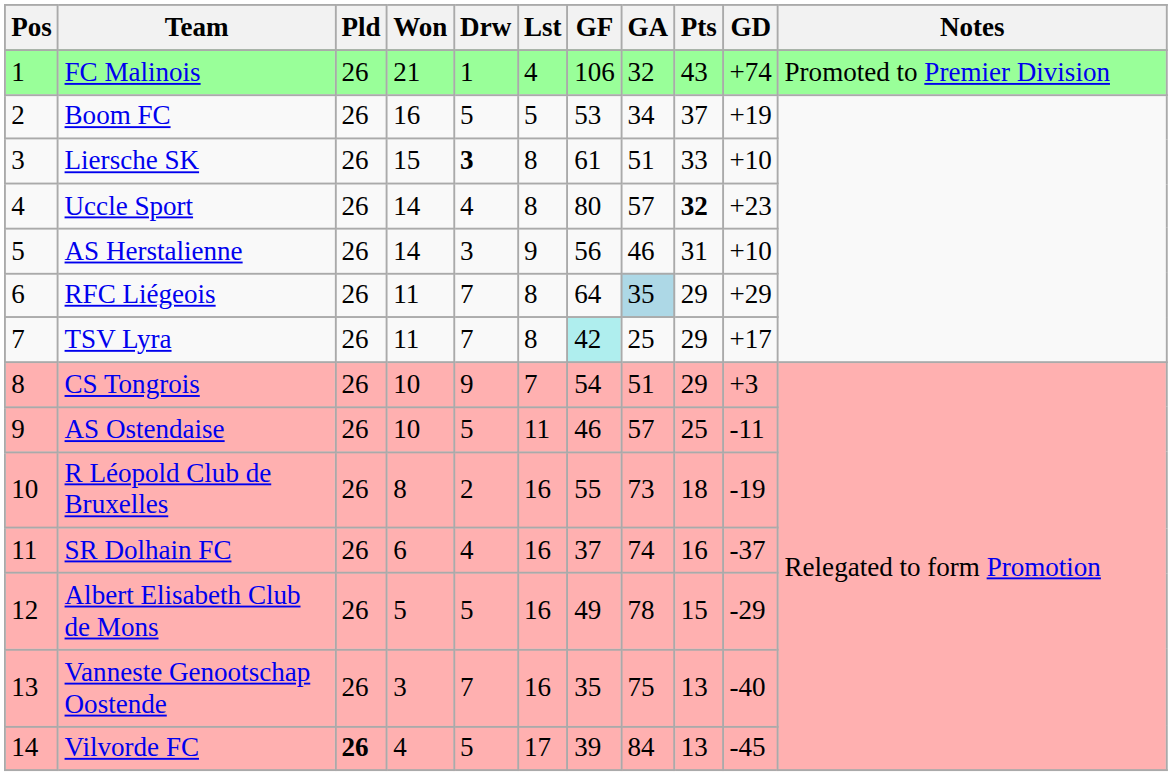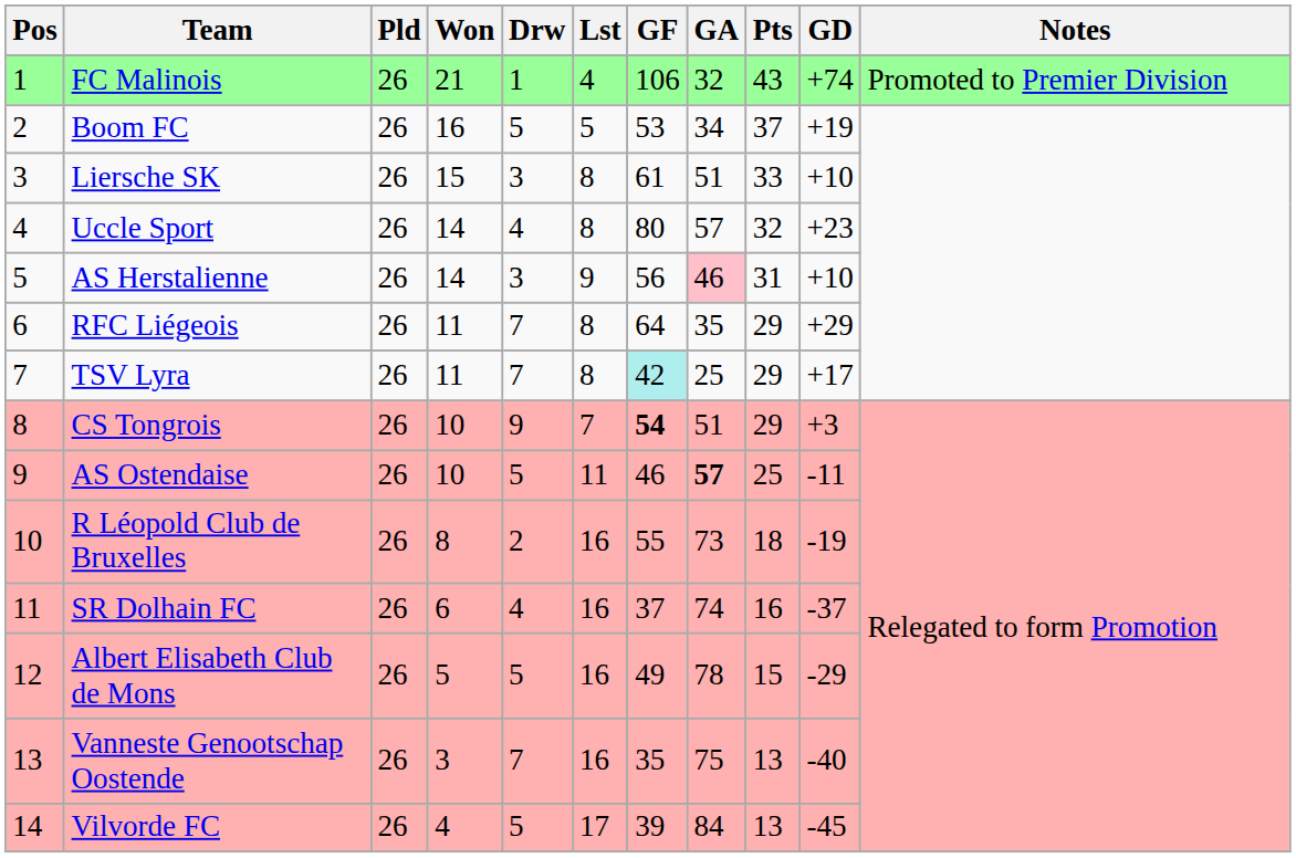 <table class="wikitable" width=70% style="font-size:90%">
 <tr>
 <th width=4%><strong>Pos</strong></th>
 <th width=26%><strong>Team</strong></th>
 <th width=4%><strong>Pld</strong></th>
 <th width=4%><strong>Won</strong></th>
 <th width=4%><strong>Drw</strong></th>
 <th width=4%><strong>Lst</strong></th>
 <th width=4%><strong>GF</strong></th>
 <th width=4%><strong>GA</strong></th>
 <th width=4%><strong>Pts</strong></th>
 <th width=4%><strong>GD</strong></th>
 <th width=38%><strong>Notes</strong></th>
 </tr>
 <tr bgcolor=#99ff99>
 <td>1</td>
 <td><a href='#'>FC Malinois</a></td>
 <td>26</td>
 <td>21</td>
 <td>1</td>
 <td>4</td>
 <td>106</td>
 <td>32</td>
 <td>43</td>
 <td>+74</td>
 <td>Promoted to <a href='#'>Premier Division</a></td>
 </tr>
 <tr>
 <td>2</td>
 <td><a href='#'>Boom FC</a></td>
 <td>26</td>
 <td>16</td>
 <td>5</td>
 <td>5</td>
 <td>53</td>
 <td>34</td>
 <td>37</td>
 <td>+19</td>
 </tr>
 <tr>
 <td>3</td>
 <td><a href='#'>Liersche SK</a></td>
 <td>26</td>
 <td>15</td>
-<td><strong>3</strong></td>
+<td>3</td>
 <td>8</td>
 <td>61</td>
 <td>51</td>
 <td>33</td>
 <td>+10</td>
 </tr>
 <tr>
 <td>4</td>
 <td><a href='#'>Uccle Sport</a></td>
 <td>26</td>
 <td>14</td>
 <td>4</td>
 <td>8</td>
 <td>80</td>
 <td>57</td>
-<td><strong>32</strong></td>
+<td>32</td>
 <td>+23</td>
 </tr>
 <tr>
 <td>5</td>
 <td><a href='#'>AS Herstalienne</a></td>
 <td>26</td>
 <td>14</td>
 <td>3</td>
 <td>9</td>
 <td>56</td>
-<td>46</td>
+<td style="background: pink;">46</td>
 <td>31</td>
 <td>+10</td>
 </tr>
 <tr>
 <td>6</td>
 <td><a href='#'>RFC Liégeois</a></td>
 <td>26</td>
 <td>11</td>
 <td>7</td>
 <td>8</td>
 <td>64</td>
-<td style="background: lightblue;">35</td>
+<td>35</td>
 <td>29</td>
 <td>+29</td>
 </tr>
 <tr>
 <td>7</td>
 <td><a href='#'>TSV Lyra</a></td>
 <td>26</td>
 <td>11</td>
 <td>7</td>
 <td>8</td>
 <td style="background: paleturquoise;">42</td>
 <td>25</td>
 <td>29</td>
 <td>+17</td>
 </tr>
 <tr bgcolor=#ffb0b0>
 <td>8</td>
 <td><a href='#'>CS Tongrois</a></td>
 <td>26</td>
 <td>10</td>
 <td>9</td>
 <td>7</td>
-<td>54</td>
+<td><strong>54</strong></td>
 <td>51</td>
 <td>29</td>
 <td>+3</td>
 <td rowspan=7>Relegated to form <a href='#'>Promotion</a></td>
 </tr>
 <tr bgcolor=#ffb0b0>
 <td>9</td>
 <td><a href='#'>AS Ostendaise</a></td>
 <td>26</td>
 <td>10</td>
 <td>5</td>
 <td>11</td>
 <td>46</td>
-<td>57</td>
+<td><strong>57</strong></td>
 <td>25</td>
 <td>-11</td>
 </tr>
 <tr bgcolor=#ffb0b0>
 <td>10</td>
 <td><a href='#'>R Léopold Club de Bruxelles</a></td>
 <td>26</td>
 <td>8</td>
 <td>2</td>
 <td>16</td>
 <td>55</td>
 <td>73</td>
 <td>18</td>
 <td>-19</td>
 </tr>
 <tr bgcolor=#ffb0b0>
 <td>11</td>
 <td><a href='#'>SR Dolhain FC</a></td>
 <td>26</td>
 <td>6</td>
 <td>4</td>
 <td>16</td>
 <td>37</td>
 <td>74</td>
 <td>16</td>
 <td>-37</td>
 </tr>
 <tr bgcolor=#ffb0b0>
 <td>12</td>
 <td><a href='#'>Albert Elisabeth Club de Mons</a></td>
 <td>26</td>
 <td>5</td>
 <td>5</td>
 <td>16</td>
 <td>49</td>
 <td>78</td>
 <td>15</td>
 <td>-29</td>
 </tr>
 <tr bgcolor=#ffb0b0>
 <td>13</td>
 <td><a href='#'>Vanneste Genootschap Oostende</a></td>
 <td>26</td>
 <td>3</td>
 <td>7</td>
 <td>16</td>
 <td>35</td>
 <td>75</td>
 <td>13</td>
 <td>-40</td>
 </tr>
 <tr bgcolor=#ffb0b0>
 <td>14</td>
 <td><a href='#'>Vilvorde FC</a></td>
-<td><strong>26</strong></td>
+<td>26</td>
 <td>4</td>
 <td>5</td>
 <td>17</td>
 <td>39</td>
 <td>84</td>
 <td>13</td>
 <td>-45</td>
 </tr>
 </table>
